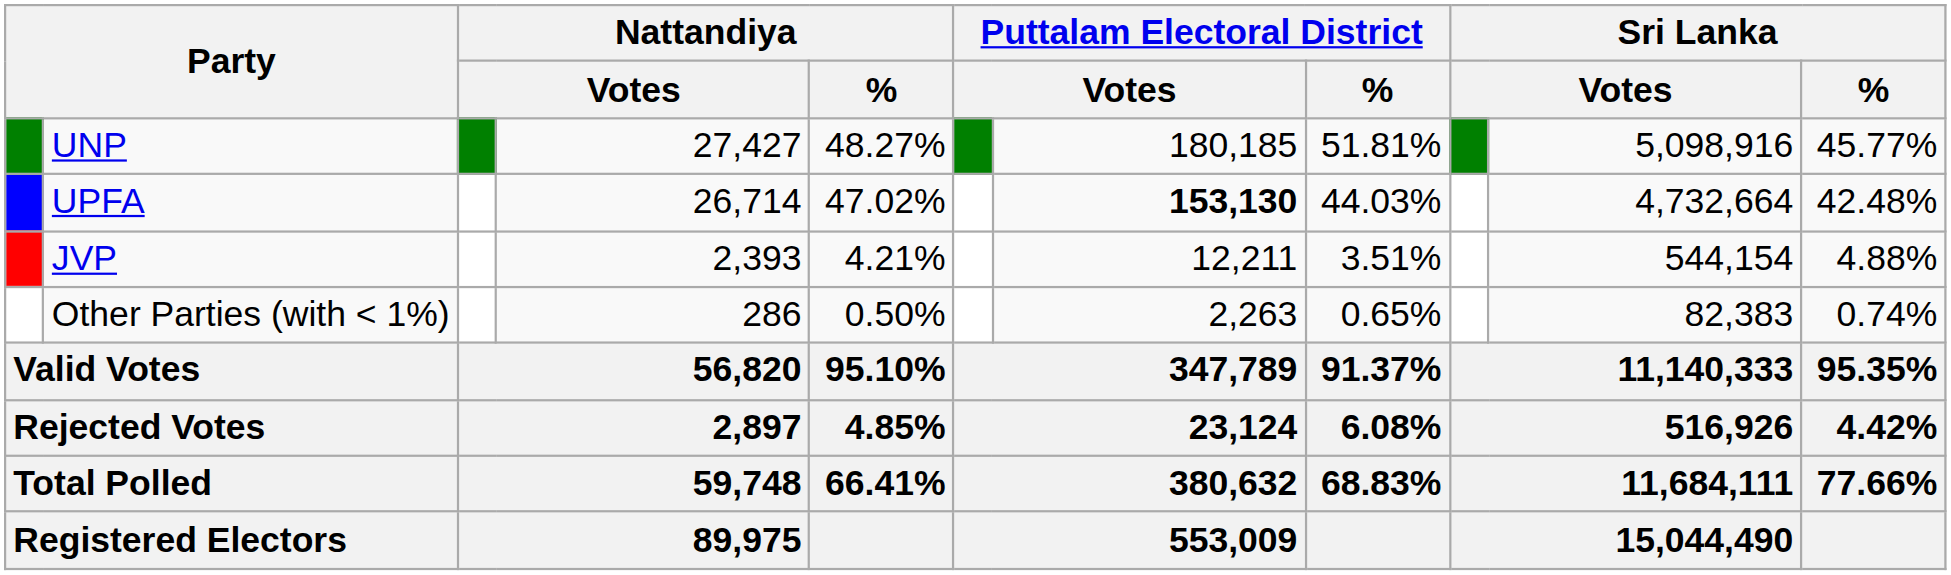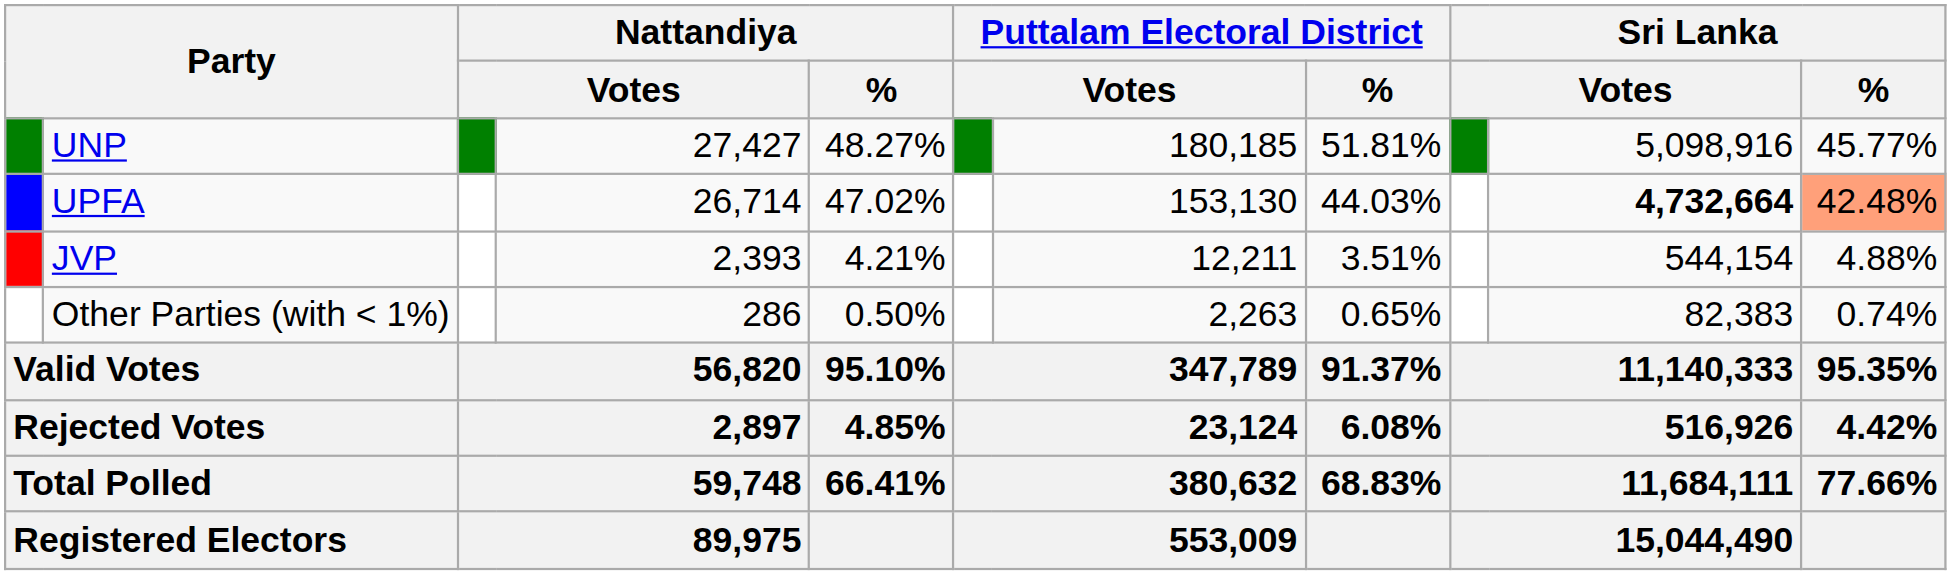 <table class="wikitable">
 <tr>
 <th colspan="2" width="144px"rowspan="2">Party</th>
 <th colspan="3" width="216px">Nattandiya</th>
 <th colspan="3" width="216px"><a href='#'>Puttalam Electoral District</a></th>
 <th colspan="3" width="216px">Sri Lanka</th>
 </tr>
 <tr>
 <th colspan="2" width="144px">Votes</th>
 <th>%</th>
 <th colspan="2" width="144px">Votes</th>
 <th>%</th>
 <th colspan="2" width="144px">Votes</th>
 <th>%</th>
 </tr>
 <tr>
 <td style="background-color:green;" width="10px"></td>
 <td style="text-align:left;"><a href='#'>UNP</a></td>
 <td style="background-color:green;" width="10px"></td>
 <td style="text-align:right;">27,427</td>
 <td style="text-align:right;">48.27%</td>
 <td style="background-color:green;" width="10px"></td>
 <td style="text-align:right;">180,185</td>
 <td style="text-align:right;">51.81%</td>
 <td style="background-color:green;" width="10px"></td>
 <td style="text-align:right;">5,098,916</td>
 <td style="text-align:right;">45.77%</td>
 </tr>
 <tr>
 <td style="background-color:blue;" width="10px"></td>
 <td style="text-align:left;"><a href='#'>UPFA</a></td>
 <td style="background-color:white;" width="10px"></td>
 <td style="text-align:right;">26,714</td>
 <td style="text-align:right;">47.02%</td>
 <td style="background-color:white;" width="10px"></td>
-<td style="text-align:right;"><strong>153,130</strong></td>
+<td style="text-align:right;">153,130</td>
 <td style="text-align:right;">44.03%</td>
 <td style="background-color:white;" width="10px"></td>
-<td style="text-align:right;">4,732,664</td>
-<td style="text-align:right;">42.48%</td>
+<td style="text-align:right;"><strong>4,732,664</strong></td>
+<td style="background: lightsalmon; text-align:right;">42.48%</td>
 </tr>
 <tr>
 <td style="background-color:red;" width="10px"></td>
 <td style="text-align:left;"><a href='#'>JVP</a></td>
 <td style="background-color:white;" width="10px"></td>
 <td style="text-align:right;">2,393</td>
 <td style="text-align:right;">4.21%</td>
 <td style="background-color:white;" width="10px"></td>
 <td style="text-align:right;">12,211</td>
 <td style="text-align:right;">3.51%</td>
 <td style="background-color:white;" width="10px"></td>
 <td style="text-align:right;">544,154</td>
 <td style="text-align:right;">4.88%</td>
 </tr>
 <tr>
 <td style="background-color:white;" width="10px"></td>
 <td style="text-align:left;">Other Parties (with < 1%)</td>
 <td style="background-color:white;" width="10px"></td>
 <td style="text-align:right;">286</td>
 <td style="text-align:right;">0.50%</td>
 <td style="background-color:white;" width="10px"></td>
 <td style="text-align:right;">2,263</td>
 <td style="text-align:right;">0.65%</td>
 <td style="background-color:white;" width="10px"></td>
 <td style="text-align:right;">82,383</td>
 <td style="text-align:right;">0.74%</td>
 </tr>
 <tr>
 <th colspan="2" width="144px"style="text-align:left;">Valid Votes</th>
 <th style="text-align:right;"colspan="2" width="144px">56,820</th>
 <th style="text-align:right;">95.10%</th>
 <th style="text-align:right;"colspan="2" width="144px">347,789</th>
 <th style="text-align:right;">91.37%</th>
 <th style="text-align:right;"colspan="2" width="144px">11,140,333</th>
 <th style="text-align:right;">95.35%</th>
 </tr>
 <tr>
 <th colspan="2" width="144px"style="text-align:left;">Rejected Votes</th>
 <th style="text-align:right;"colspan="2" width="144px">2,897</th>
 <th style="text-align:right;">4.85%</th>
 <th style="text-align:right;"colspan="2" width="144px">23,124</th>
 <th style="text-align:right;">6.08%</th>
 <th style="text-align:right;"colspan="2" width="144px">516,926</th>
 <th style="text-align:right;">4.42%</th>
 </tr>
 <tr>
 <th colspan="2" width="144px"style="text-align:left;">Total Polled</th>
 <th style="text-align:right;"colspan="2" width="144px">59,748</th>
 <th style="text-align:right;">66.41%</th>
 <th style="text-align:right;"colspan="2" width="144px">380,632</th>
 <th style="text-align:right;">68.83%</th>
 <th style="text-align:right;"colspan="2" width="144px">11,684,111</th>
 <th style="text-align:right;">77.66%</th>
 </tr>
 <tr>
 <th colspan="2" width="144px"style="text-align:left;">Registered Electors</th>
 <th style="text-align:right;"colspan="2" width="144px">89,975</th>
 <th></th>
 <th style="text-align:right;"colspan="2" width="144px">553,009</th>
 <th></th>
 <th style="text-align:right;"colspan="2" width="144px">15,044,490</th>
 <th></th>
 </tr>
 </table>
